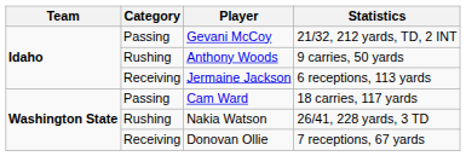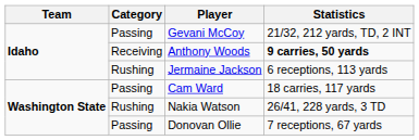 <table class="wikitable" style="float: right;">
 <tr>
 <th>Team</th>
 <th>Category</th>
 <th>Player</th>
 <th>Statistics</th>
 </tr>
 <tr>
 <td rowspan=3><strong>Idaho</strong></td>
 <td>Passing</td>
 <td><a href='#'>Gevani McCoy</a></td>
 <td>21/32, 212 yards, TD, 2 INT</td>
 </tr>
 <tr>
-<td>Rushing</td>
+<td>Receiving</td>
 <td><a href='#'>Anthony Woods</a></td>
-<td>9 carries, 50 yards</td>
+<td><strong>9 carries, 50 yards</strong></td>
 </tr>
 <tr>
-<td>Receiving</td>
+<td>Rushing</td>
 <td><a href='#'>Jermaine Jackson</a></td>
 <td>6 receptions, 113 yards</td>
 </tr>
 <tr>
 <td rowspan=3><strong>Washington State</strong></td>
 <td>Passing</td>
 <td><a href='#'>Cam Ward</a></td>
 <td>18 carries, 117 yards</td>
 </tr>
 <tr>
 <td>Rushing</td>
 <td>Nakia Watson</td>
 <td>26/41, 228 yards, 3 TD</td>
 </tr>
 <tr>
-<td>Receiving</td>
+<td>Passing</td>
 <td>Donovan Ollie</td>
 <td>7 receptions, 67 yards</td>
 </tr>
 </table>
